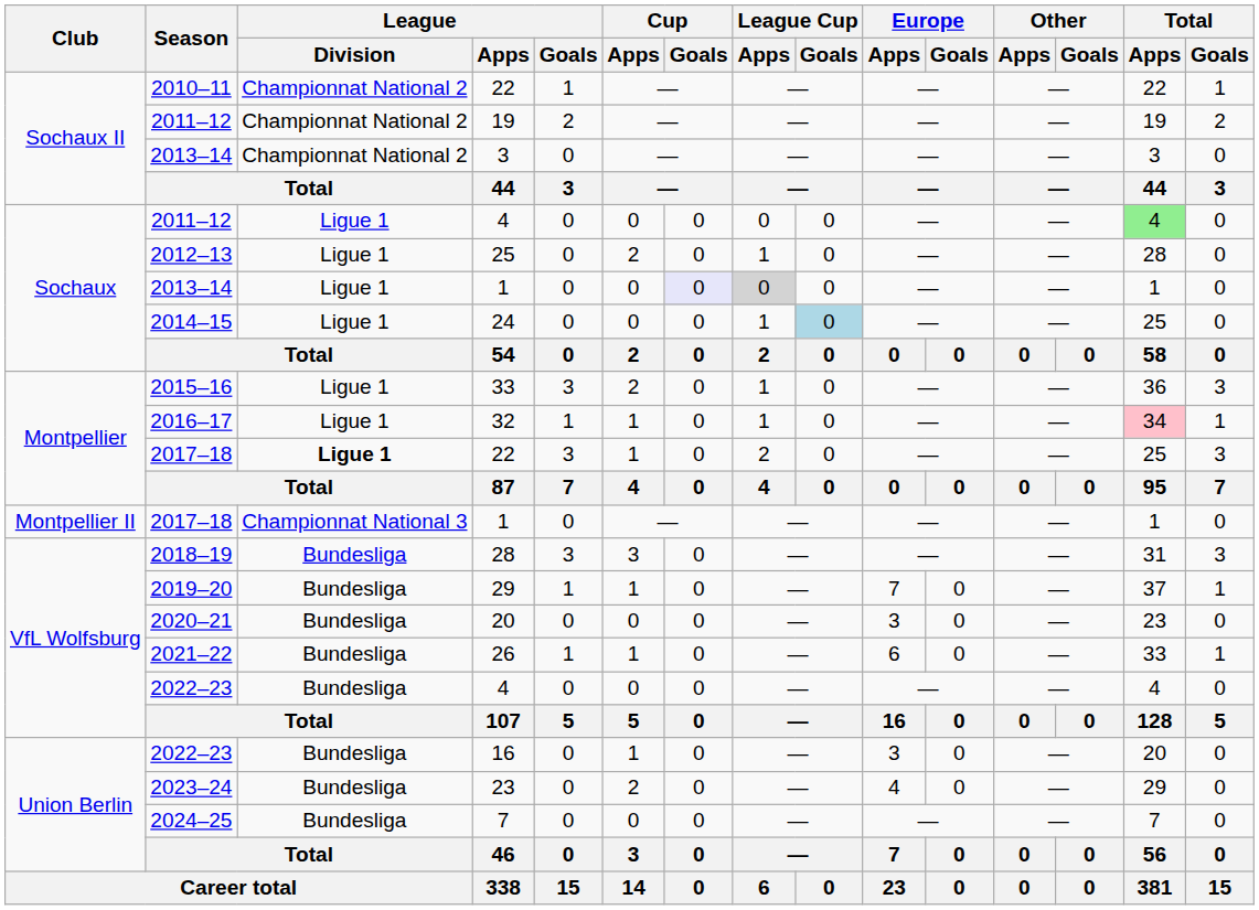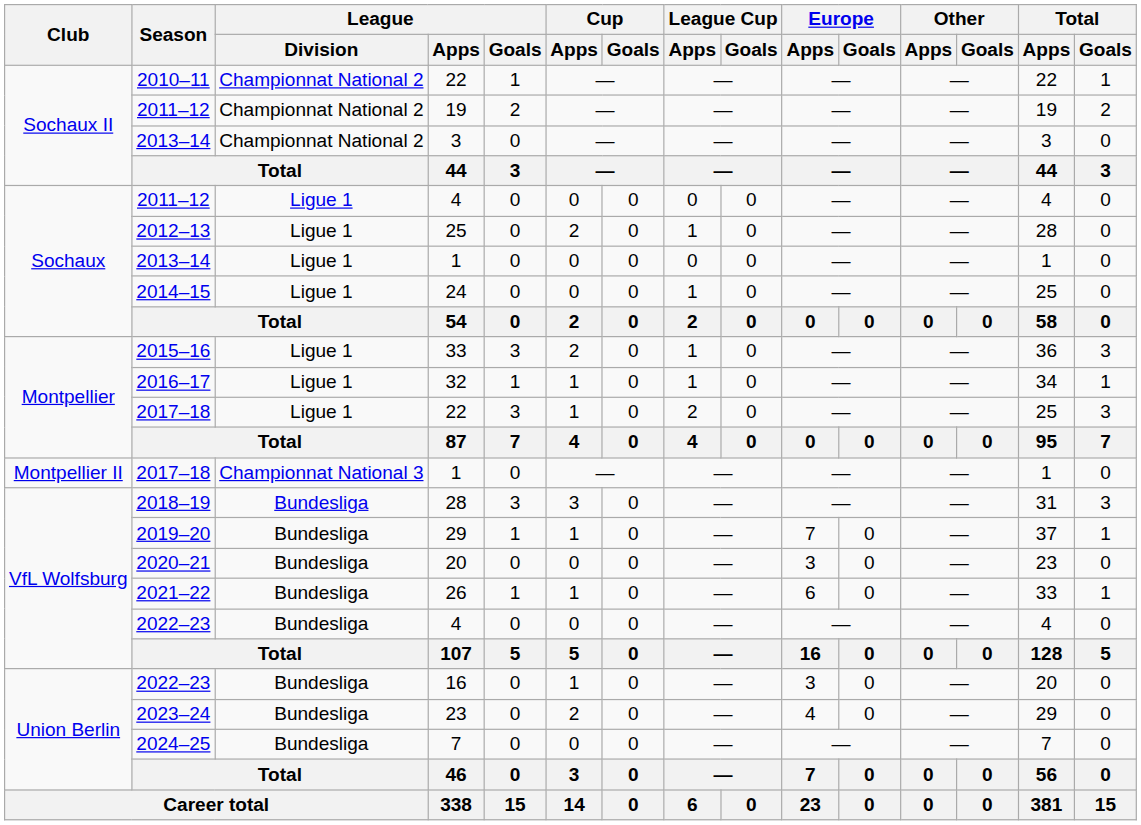 <table class="wikitable" style="text-align: center">
 <tr>
 <th rowspan=2>Club</th>
 <th rowspan=2>Season</th>
 <th colspan=3>League</th>
 <th colspan=2>Cup</th>
 <th colspan=2>League Cup</th>
 <th colspan=2><a href='#'>Europe</a></th>
 <th colspan=2>Other</th>
 <th colspan=2>Total</th>
 </tr>
 <tr>
 <th>Division</th>
 <th>Apps</th>
 <th>Goals</th>
 <th>Apps</th>
 <th>Goals</th>
 <th>Apps</th>
 <th>Goals</th>
 <th>Apps</th>
 <th>Goals</th>
 <th>Apps</th>
 <th>Goals</th>
 <th>Apps</th>
 <th>Goals</th>
 </tr>
 <tr>
 <td rowspan=4><a href='#'>Sochaux II</a></td>
 <td><a href='#'>2010–11</a></td>
 <td><a href='#'>Championnat National 2</a></td>
 <td>22</td>
 <td>1</td>
 <td colspan=2>—</td>
 <td colspan=2>—</td>
 <td colspan=2>—</td>
 <td colspan=2>—</td>
 <td>22</td>
 <td>1</td>
 </tr>
 <tr>
 <td><a href='#'>2011–12</a></td>
 <td>Championnat National 2</td>
 <td>19</td>
 <td>2</td>
 <td colspan=2>—</td>
 <td colspan=2>—</td>
 <td colspan=2>—</td>
 <td colspan=2>—</td>
 <td>19</td>
 <td>2</td>
 </tr>
 <tr>
 <td><a href='#'>2013–14</a></td>
 <td>Championnat National 2</td>
 <td>3</td>
 <td>0</td>
 <td colspan=2>—</td>
 <td colspan=2>—</td>
 <td colspan=2>—</td>
 <td colspan=2>—</td>
 <td>3</td>
 <td>0</td>
 </tr>
 <tr>
 <th colspan="2">Total</th>
 <th>44</th>
 <th>3</th>
 <th colspan=2>—</th>
 <th colspan=2>—</th>
 <th colspan=2>—</th>
 <th colspan=2>—</th>
 <th>44</th>
 <th>3</th>
 </tr>
 <tr>
 <td rowspan=5><a href='#'>Sochaux</a></td>
 <td><a href='#'>2011–12</a></td>
 <td><a href='#'>Ligue 1</a></td>
 <td>4</td>
 <td>0</td>
 <td>0</td>
 <td>0</td>
 <td>0</td>
 <td>0</td>
 <td colspan=2>—</td>
 <td colspan=2>—</td>
-<td style="background: lightgreen;">4</td>
+<td>4</td>
 <td>0</td>
 </tr>
 <tr>
 <td><a href='#'>2012–13</a></td>
 <td>Ligue 1</td>
 <td>25</td>
 <td>0</td>
 <td>2</td>
 <td>0</td>
 <td>1</td>
 <td>0</td>
 <td colspan=2>—</td>
 <td colspan=2>—</td>
 <td>28</td>
 <td>0</td>
 </tr>
 <tr>
 <td><a href='#'>2013–14</a></td>
 <td>Ligue 1</td>
 <td>1</td>
 <td>0</td>
 <td>0</td>
-<td style="background: lavender;">0</td>
-<td style="background: lightgrey;">0</td>
+<td>0</td>
+<td>0</td>
 <td>0</td>
 <td colspan=2>—</td>
 <td colspan=2>—</td>
 <td>1</td>
 <td>0</td>
 </tr>
 <tr>
 <td><a href='#'>2014–15</a></td>
 <td>Ligue 1</td>
 <td>24</td>
 <td>0</td>
 <td>0</td>
 <td>0</td>
 <td>1</td>
-<td style="background: lightblue;">0</td>
+<td>0</td>
 <td colspan=2>—</td>
 <td colspan=2>—</td>
 <td>25</td>
 <td>0</td>
 </tr>
 <tr>
 <th colspan="2">Total</th>
 <th>54</th>
 <th>0</th>
 <th>2</th>
 <th>0</th>
 <th>2</th>
 <th>0</th>
 <th>0</th>
 <th>0</th>
 <th>0</th>
 <th>0</th>
 <th>58</th>
 <th>0</th>
 </tr>
 <tr>
 <td rowspan=4><a href='#'>Montpellier</a></td>
 <td><a href='#'>2015–16</a></td>
 <td>Ligue 1</td>
 <td>33</td>
 <td>3</td>
 <td>2</td>
 <td>0</td>
 <td>1</td>
 <td>0</td>
 <td colspan=2>—</td>
 <td colspan=2>—</td>
 <td>36</td>
 <td>3</td>
 </tr>
 <tr>
 <td><a href='#'>2016–17</a></td>
 <td>Ligue 1</td>
 <td>32</td>
 <td>1</td>
 <td>1</td>
 <td>0</td>
 <td>1</td>
 <td>0</td>
 <td colspan=2>—</td>
 <td colspan=2>—</td>
-<td style="background: pink;">34</td>
+<td>34</td>
 <td>1</td>
 </tr>
 <tr>
 <td><a href='#'>2017–18</a></td>
-<td><strong>Ligue 1</strong></td>
+<td>Ligue 1</td>
 <td>22</td>
 <td>3</td>
 <td>1</td>
 <td>0</td>
 <td>2</td>
 <td>0</td>
 <td colspan=2>—</td>
 <td colspan=2>—</td>
 <td>25</td>
 <td>3</td>
 </tr>
 <tr>
 <th colspan="2">Total</th>
 <th>87</th>
 <th>7</th>
 <th>4</th>
 <th>0</th>
 <th>4</th>
 <th>0</th>
 <th>0</th>
 <th>0</th>
 <th>0</th>
 <th>0</th>
 <th>95</th>
 <th>7</th>
 </tr>
 <tr>
 <td><a href='#'>Montpellier II</a></td>
 <td><a href='#'>2017–18</a></td>
 <td><a href='#'>Championnat National 3</a></td>
 <td>1</td>
 <td>0</td>
 <td colspan=2>—</td>
 <td colspan=2>—</td>
 <td colspan=2>—</td>
 <td colspan=2>—</td>
 <td>1</td>
 <td>0</td>
 </tr>
 <tr>
 <td rowspan="6"><a href='#'>VfL Wolfsburg</a></td>
 <td><a href='#'>2018–19</a></td>
 <td><a href='#'>Bundesliga</a></td>
 <td>28</td>
 <td>3</td>
 <td>3</td>
 <td>0</td>
 <td colspan=2>—</td>
 <td colspan=2>—</td>
 <td colspan=2>—</td>
 <td>31</td>
 <td>3</td>
 </tr>
 <tr>
 <td><a href='#'>2019–20</a></td>
 <td>Bundesliga</td>
 <td>29</td>
 <td>1</td>
 <td>1</td>
 <td>0</td>
 <td colspan=2>—</td>
 <td>7</td>
 <td>0</td>
 <td colspan="2">—</td>
 <td>37</td>
 <td>1</td>
 </tr>
 <tr>
 <td><a href='#'>2020–21</a></td>
 <td>Bundesliga</td>
 <td>20</td>
 <td>0</td>
 <td>0</td>
 <td>0</td>
 <td colspan=2>—</td>
 <td>3</td>
 <td>0</td>
 <td colspan="2">—</td>
 <td>23</td>
 <td>0</td>
 </tr>
 <tr>
 <td><a href='#'>2021–22</a></td>
 <td>Bundesliga</td>
 <td>26</td>
 <td>1</td>
 <td>1</td>
 <td>0</td>
 <td colspan=2>—</td>
 <td>6</td>
 <td>0</td>
 <td colspan="2">—</td>
 <td>33</td>
 <td>1</td>
 </tr>
 <tr>
 <td><a href='#'>2022–23</a></td>
 <td>Bundesliga</td>
 <td>4</td>
 <td>0</td>
 <td>0</td>
 <td>0</td>
 <td colspan=2>—</td>
 <td colspan=2>—</td>
 <td colspan=2>—</td>
 <td>4</td>
 <td>0</td>
 </tr>
 <tr>
 <th colspan="2">Total</th>
 <th>107</th>
 <th>5</th>
 <th>5</th>
 <th>0</th>
 <th colspan=2>—</th>
 <th>16</th>
 <th>0</th>
 <th>0</th>
 <th>0</th>
 <th>128</th>
 <th>5</th>
 </tr>
 <tr>
 <td rowspan="4"><a href='#'>Union Berlin</a></td>
 <td><a href='#'>2022–23</a></td>
 <td>Bundesliga</td>
 <td>16</td>
 <td>0</td>
 <td>1</td>
 <td>0</td>
 <td colspan=2>—</td>
 <td>3</td>
 <td>0</td>
 <td colspan="2">—</td>
 <td>20</td>
 <td>0</td>
 </tr>
 <tr>
 <td><a href='#'>2023–24</a></td>
 <td>Bundesliga</td>
 <td>23</td>
 <td>0</td>
 <td>2</td>
 <td>0</td>
 <td colspan=2>—</td>
 <td>4</td>
 <td>0</td>
 <td colspan="2">—</td>
 <td>29</td>
 <td>0</td>
 </tr>
 <tr>
 <td><a href='#'>2024–25</a></td>
 <td>Bundesliga</td>
 <td>7</td>
 <td>0</td>
 <td>0</td>
 <td>0</td>
 <td colspan=2>—</td>
 <td colspan="2">—</td>
 <td colspan="2">—</td>
 <td>7</td>
 <td>0</td>
 </tr>
 <tr>
 <th colspan="2">Total</th>
 <th>46</th>
 <th>0</th>
 <th>3</th>
 <th>0</th>
 <th colspan=2>—</th>
 <th>7</th>
 <th>0</th>
 <th>0</th>
 <th>0</th>
 <th>56</th>
 <th>0</th>
 </tr>
 <tr>
 <th colspan="3">Career total</th>
 <th>338</th>
 <th>15</th>
 <th>14</th>
 <th>0</th>
 <th>6</th>
 <th>0</th>
 <th>23</th>
 <th>0</th>
 <th>0</th>
 <th>0</th>
 <th>381</th>
 <th>15</th>
 </tr>
 </table>
